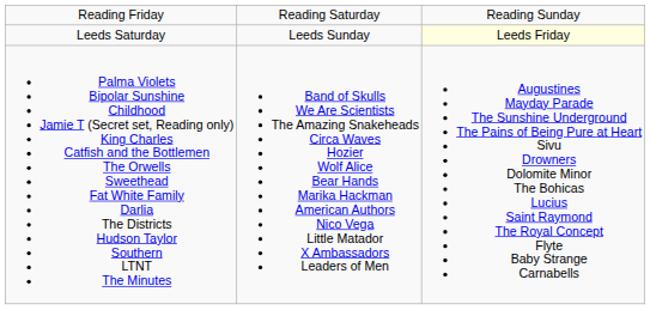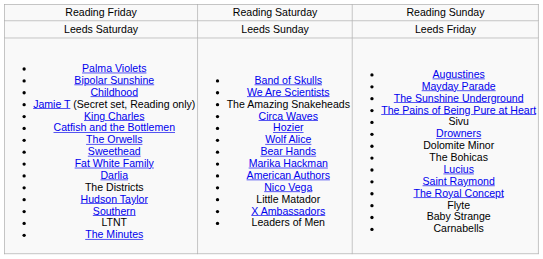 <table class="wikitable" style="text-align:center;">
 <tr>
 <td>Reading Friday</td>
 <td>Reading Saturday</td>
 <td>Reading Sunday</td>
 </tr>
 <tr>
 <td>Leeds Saturday</td>
 <td>Leeds Sunday</td>
-<td style="background: lightyellow;">Leeds Friday</td>
+<td>Leeds Friday</td>
 </tr>
 <tr>
 <td><br><ul><li><a href='#'>Palma Violets</a></li><li><a href='#'>Bipolar Sunshine</a></li><li><a href='#'>Childhood</a></li><li><a href='#'>Jamie T</a> (Secret set, Reading only)</li><li><a href='#'>King Charles</a></li><li><a href='#'>Catfish and the Bottlemen</a></li><li><a href='#'>The Orwells</a></li><li><a href='#'>Sweethead</a></li><li><a href='#'>Fat White Family</a></li><li><a href='#'>Darlia</a></li><li>The Districts</li><li><a href='#'>Hudson Taylor</a></li><li><a href='#'>Southern</a></li><li>LTNT</li><li><a href='#'>The Minutes</a></li></ul></td>
 <td><br><ul><li><a href='#'>Band of Skulls</a></li><li><a href='#'>We Are Scientists</a></li><li>The Amazing Snakeheads</li><li><a href='#'>Circa Waves</a></li><li><a href='#'>Hozier</a></li><li><a href='#'>Wolf Alice</a></li><li><a href='#'>Bear Hands</a></li><li><a href='#'>Marika Hackman</a></li><li><a href='#'>American Authors</a></li><li><a href='#'>Nico Vega</a></li><li>Little Matador</li><li><a href='#'>X Ambassadors</a></li><li>Leaders of Men</li></ul></td>
 <td><br><ul><li><a href='#'>Augustines</a></li><li><a href='#'>Mayday Parade</a></li><li><a href='#'>The Sunshine Underground</a></li><li><a href='#'>The Pains of Being Pure at Heart</a></li><li>Sivu</li><li><a href='#'>Drowners</a></li><li>Dolomite Minor</li><li>The Bohicas</li><li><a href='#'>Lucius</a></li><li><a href='#'>Saint Raymond</a></li><li><a href='#'>The Royal Concept</a></li><li>Flyte</li><li>Baby Strange</li><li>Carnabells</li></ul></td>
 </tr>
 </table>
